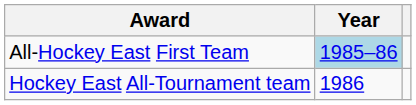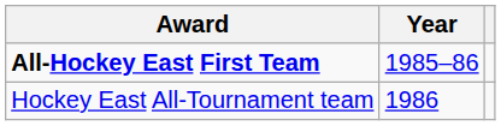 <table class="wikitable">
 <tr>
 <th>Award</th>
 <th>Year</th>
 <th></th>
 </tr>
 <tr>
-<td>All-<a href='#'>Hockey East</a> <a href='#'>First Team</a></td>
-<td style="background: lightblue;"><a href='#'>1985–86</a></td>
+<td><strong>All-<a href='#'>Hockey East</a> <a href='#'>First Team</a></strong></td>
+<td><a href='#'>1985–86</a></td>
 <td></td>
 </tr>
 <tr>
 <td><a href='#'>Hockey East</a> <a href='#'>All-Tournament team</a></td>
 <td><a href='#'>1986</a></td>
 <td></td>
 </tr>
 </table>
